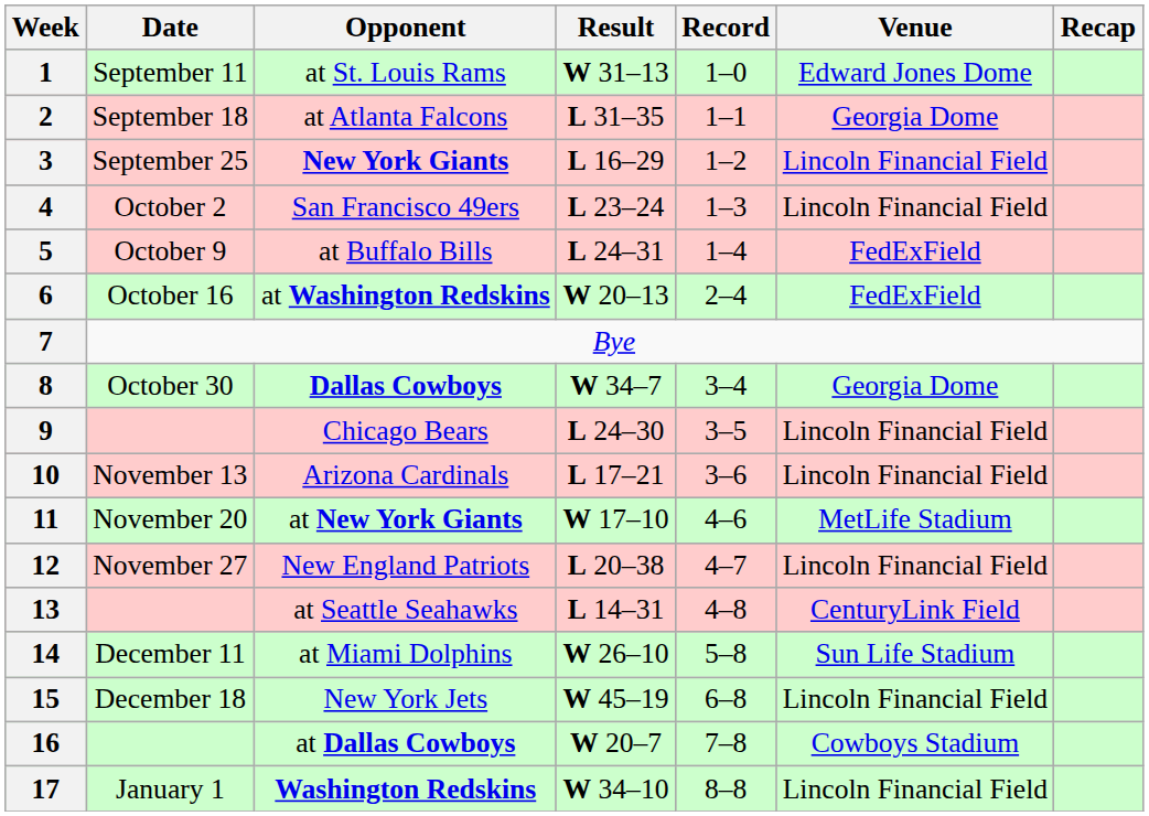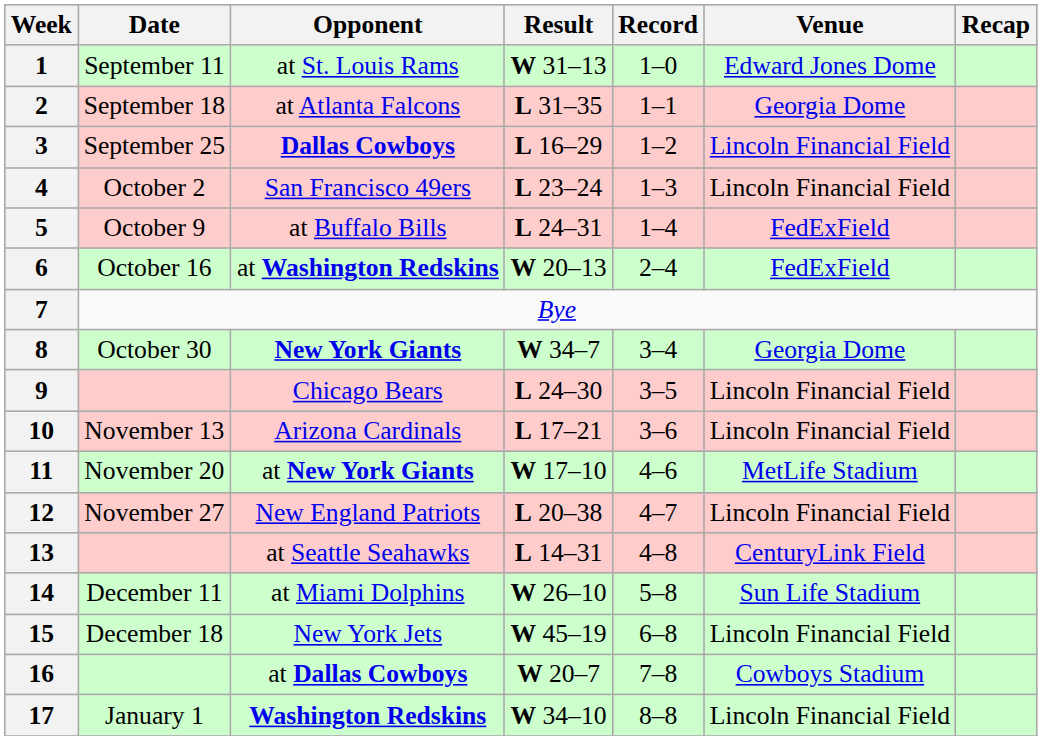 <table class="wikitable" style="text-align:center">
 <tr>
 <th>Week</th>
 <th>Date</th>
 <th>Opponent</th>
 <th>Result</th>
 <th>Record</th>
 <th>Venue</th>
 <th>Recap</th>
 </tr>
 <tr style="background:#cfc">
 <th>1</th>
 <td>September 11</td>
 <td>at <a href='#'>St. Louis Rams</a></td>
 <td><strong>W</strong> 31–13</td>
 <td>1–0</td>
 <td><a href='#'>Edward Jones Dome</a></td>
 <td></td>
 </tr>
 <tr style="background:#fcc">
 <th>2</th>
 <td>September 18</td>
 <td>at <a href='#'>Atlanta Falcons</a></td>
 <td><strong>L</strong> 31–35</td>
 <td>1–1</td>
 <td><a href='#'>Georgia Dome</a></td>
 <td></td>
 </tr>
 <tr style="background:#fcc">
 <th>3</th>
 <td>September 25</td>
-<td><strong><a href='#'>New York Giants</a></strong></td>
+<td><strong><a href='#'>Dallas Cowboys</a></strong></td>
 <td><strong>L</strong> 16–29</td>
 <td>1–2</td>
 <td><a href='#'>Lincoln Financial Field</a></td>
 <td></td>
 </tr>
 <tr style="background:#fcc">
 <th>4</th>
 <td>October 2</td>
 <td><a href='#'>San Francisco 49ers</a></td>
 <td><strong>L</strong> 23–24</td>
 <td>1–3</td>
 <td>Lincoln Financial Field</td>
 <td></td>
 </tr>
 <tr style="background:#fcc">
 <th>5</th>
 <td>October 9</td>
 <td>at <a href='#'>Buffalo Bills</a></td>
 <td><strong>L</strong> 24–31</td>
 <td>1–4</td>
 <td><a href='#'>FedExField</a></td>
 <td></td>
 </tr>
 <tr style="background:#cfc">
 <th>6</th>
 <td>October 16</td>
 <td>at <strong><a href='#'>Washington Redskins</a></strong></td>
 <td><strong>W</strong> 20–13</td>
 <td>2–4</td>
 <td><a href='#'>FedExField</a></td>
 <td></td>
 </tr>
 <tr>
 <th>7</th>
 <td colspan="6"><em><a href='#'>Bye</a></em></td>
 </tr>
 <tr style="background:#cfc">
 <th>8</th>
 <td>October 30</td>
-<td><strong><a href='#'>Dallas Cowboys</a></strong></td>
+<td><strong><a href='#'>New York Giants</a></strong></td>
 <td><strong>W</strong> 34–7</td>
 <td>3–4</td>
 <td><a href='#'>Georgia Dome</a></td>
 <td></td>
 </tr>
 <tr style="background:#fcc">
 <th>9</th>
 <td></td>
 <td><a href='#'>Chicago Bears</a></td>
 <td><strong>L</strong> 24–30</td>
 <td>3–5</td>
 <td>Lincoln Financial Field</td>
 <td></td>
 </tr>
 <tr style="background:#fcc">
 <th>10</th>
 <td>November 13</td>
 <td><a href='#'>Arizona Cardinals</a></td>
 <td><strong>L</strong> 17–21</td>
 <td>3–6</td>
 <td>Lincoln Financial Field</td>
 <td></td>
 </tr>
 <tr style="background:#cfc">
 <th>11</th>
 <td>November 20</td>
 <td>at <strong><a href='#'>New York Giants</a></strong></td>
 <td><strong>W</strong> 17–10</td>
 <td>4–6</td>
 <td><a href='#'>MetLife Stadium</a></td>
 <td></td>
 </tr>
 <tr style="background:#fcc">
 <th>12</th>
 <td>November 27</td>
 <td><a href='#'>New England Patriots</a></td>
 <td><strong>L</strong> 20–38</td>
 <td>4–7</td>
 <td>Lincoln Financial Field</td>
 <td></td>
 </tr>
 <tr style="background:#fcc">
 <th>13</th>
 <td></td>
 <td>at <a href='#'>Seattle Seahawks</a></td>
 <td><strong>L</strong> 14–31</td>
 <td>4–8</td>
 <td><a href='#'>CenturyLink Field</a></td>
 <td></td>
 </tr>
 <tr style="background:#cfc">
 <th>14</th>
 <td>December 11</td>
 <td>at <a href='#'>Miami Dolphins</a></td>
 <td><strong>W</strong> 26–10</td>
 <td>5–8</td>
 <td><a href='#'>Sun Life Stadium</a></td>
 <td></td>
 </tr>
 <tr style="background:#cfc">
 <th>15</th>
 <td>December 18</td>
 <td><a href='#'>New York Jets</a></td>
 <td><strong>W</strong> 45–19</td>
 <td>6–8</td>
 <td>Lincoln Financial Field</td>
 <td></td>
 </tr>
 <tr style="background:#cfc">
 <th>16</th>
 <td></td>
 <td>at <strong><a href='#'>Dallas Cowboys</a></strong></td>
 <td><strong>W</strong> 20–7</td>
 <td>7–8</td>
 <td><a href='#'>Cowboys Stadium</a></td>
 <td></td>
 </tr>
 <tr style="background:#cfc">
 <th>17</th>
 <td>January 1</td>
 <td><strong><a href='#'>Washington Redskins</a></strong></td>
 <td><strong>W</strong> 34–10</td>
 <td>8–8</td>
 <td>Lincoln Financial Field</td>
 <td></td>
 </tr>
 </table>
